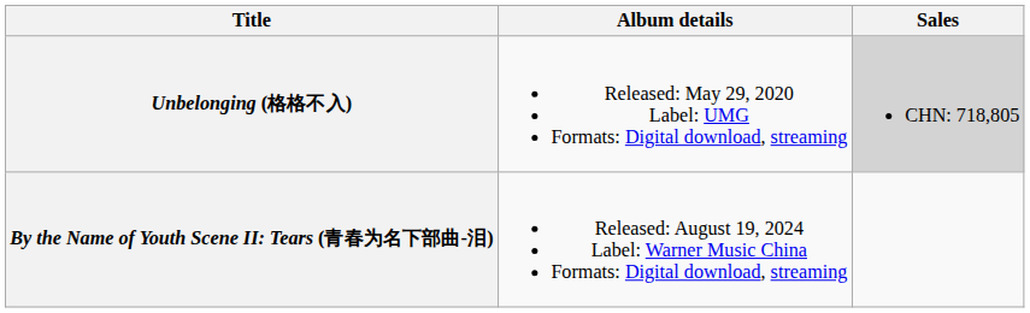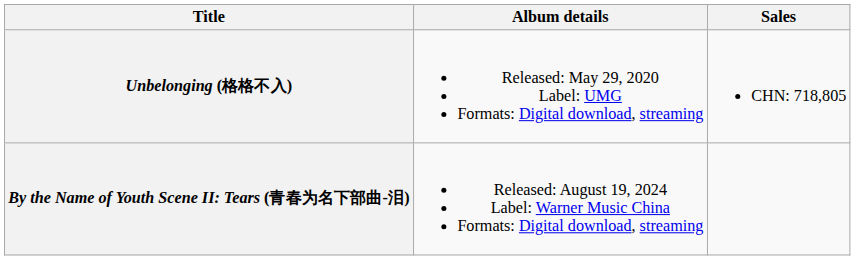 <table class="wikitable plainrowheaders" style="text-align:center;">
 <tr>
 <th>Title</th>
 <th>Album details</th>
 <th>Sales</th>
 </tr>
 <tr>
 <th scope="row"><em>Unbelonging</em> (格格不入)</th>
 <td><br><ul><li>Released: May 29, 2020</li><li>Label: <a href='#'>UMG</a></li><li>Formats: <a href='#'>Digital download</a>, <a href='#'>streaming</a></li></ul></td>
-<td style="background: lightgrey;"><br><ul><li>CHN: 718,805</li></ul></td>
+<td><br><ul><li>CHN: 718,805</li></ul></td>
 </tr>
 <tr>
 <th scope="row"><em>By the Name of Youth Scene II: Tears</em> (青春为名下部曲-泪)</th>
 <td><br><ul><li>Released: August 19, 2024</li><li>Label: <a href='#'>Warner Music China</a></li><li>Formats: <a href='#'>Digital download</a>, <a href='#'>streaming</a></li></ul></td>
 </tr>
 </table>
